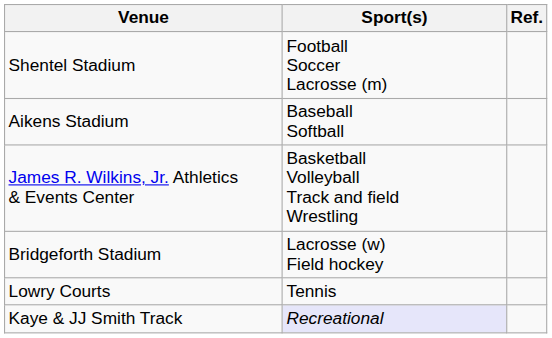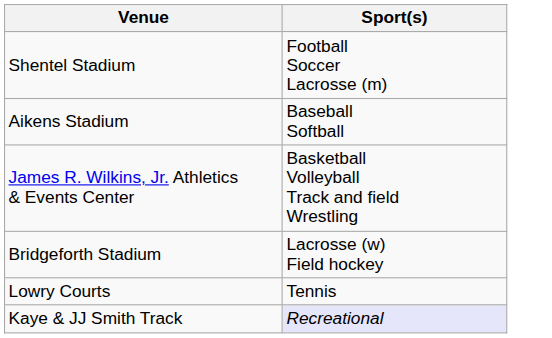 <table class="wikitable"; style= "text-align: ">
 <tr>
 <th width=250px>Venue</th>
 <th width=200px>Sport(s)</th>
-<th width=px>Ref.</th>
 </tr>
 <tr>
 <td>Shentel Stadium</td>
 <td>Football <br> Soccer <br> Lacrosse (m)</td>
-<td></td>
 </tr>
 <tr>
 <td>Aikens Stadium</td>
 <td>Baseball <br> Softball</td>
-<td></td>
 </tr>
 <tr>
 <td><a href='#'>James R. Wilkins, Jr.</a> Athletics<br> & Events Center</td>
 <td>Basketball <br> Volleyball <br> Track and field  <br> Wrestling</td>
-<td></td>
 </tr>
 <tr>
 <td>Bridgeforth Stadium</td>
 <td>Lacrosse (w) <br> Field hockey</td>
-<td></td>
 </tr>
 <tr>
 <td>Lowry Courts</td>
 <td>Tennis</td>
-<td></td>
 </tr>
 <tr>
 <td>Kaye & JJ Smith Track</td>
 <td style="background: lavender;"><em>Recreational</em></td>
-<td></td>
 </tr>
 </table>
